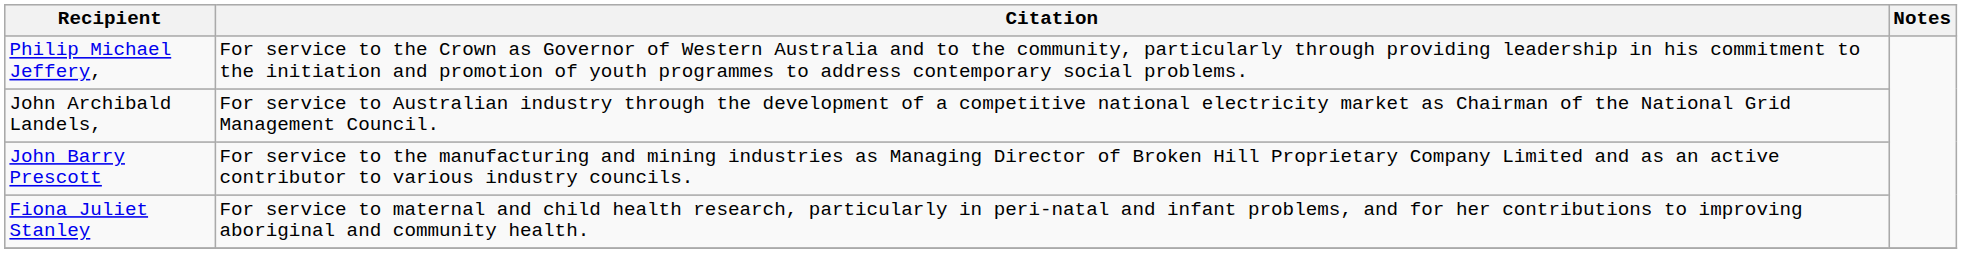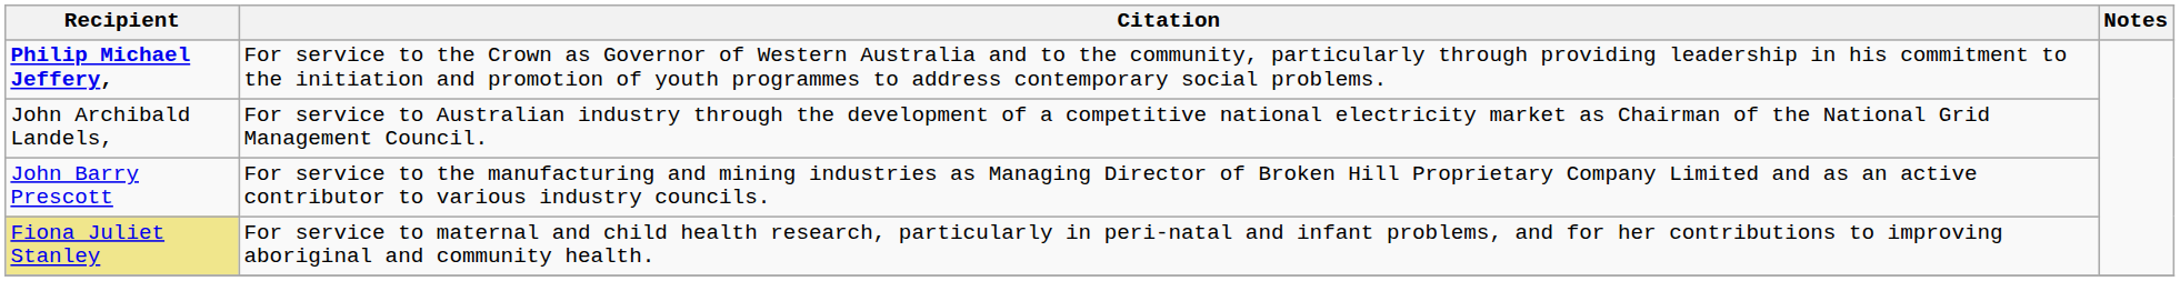 <table class="wikitable" style="font-size:95%;">
 <tr>
 <th>Recipient</th>
 <th>Citation</th>
 <th>Notes</th>
 </tr>
 <tr>
-<td> <a href='#'>Philip Michael Jeffery</a>, </td>
+<td><strong> <a href='#'>Philip Michael Jeffery</a>, </strong></td>
 <td>For service to the Crown as Governor of Western Australia and to the community, particularly through providing leadership in his commitment to the initiation and promotion of youth programmes to address contemporary social problems.</td>
 <td rowspan=4></td>
 </tr>
 <tr>
 <td>John Archibald Landels, </td>
 <td>For service to Australian industry through the development of a competitive national electricity market as Chairman of the National Grid Management Council.</td>
 </tr>
 <tr>
 <td><a href='#'>John Barry Prescott</a></td>
 <td>For service to the manufacturing and mining industries as Managing Director of Broken Hill Proprietary Company Limited and as an active contributor to various industry councils.</td>
 </tr>
 <tr>
-<td> <a href='#'>Fiona Juliet Stanley</a></td>
+<td style="background: khaki;"> <a href='#'>Fiona Juliet Stanley</a></td>
 <td>For service to maternal and child health research, particularly in peri-natal and infant problems, and for her contributions to improving aboriginal and community health.</td>
 </tr>
 <tr>
 </tr>
 </table>
